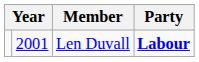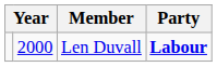 <table class="wikitable">
 <tr>
 <th colspan="2">Year</th>
 <th>Member</th>
 <th>Party</th>
 </tr>
 <tr>
 <td style="background-color: "></td>
-<td><a href='#'>2001</a></td>
+<td><a href='#'>2000</a></td>
 <td><a href='#'>Len Duvall</a></td>
 <td><strong><a href='#'>Labour</a></strong></td>
 </tr>
 </table>
